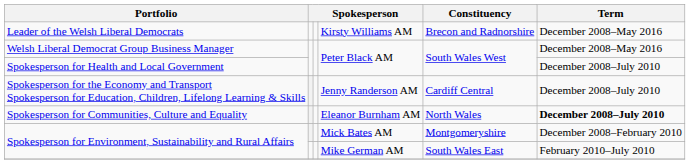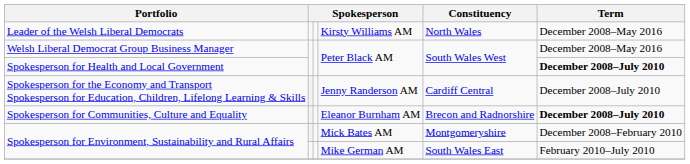 <table class="wikitable">
 <tr>
 <th colspan="1">Portfolio</th>
 <th colspan="3">Spokesperson</th>
 <th colspan="1">Constituency</th>
 <th colspan="1">Term</th>
 </tr>
 <tr>
 <td><a href='#'>Leader of the Welsh Liberal Democrats</a></td>
 <td style="background: "></td>
 <td></td>
 <td><a href='#'>Kirsty Williams</a> AM</td>
-<td><a href='#'>Brecon and Radnorshire</a></td>
+<td><a href='#'>North Wales</a></td>
 <td>December 2008–May 2016</td>
 </tr>
 <tr>
 <td><a href='#'>Welsh Liberal Democrat Group Business Manager</a></td>
 <td rowspan="2" style="background-color: "></td>
 <td rowspan="2"></td>
 <td rowspan="2"><a href='#'>Peter Black</a> AM</td>
 <td rowspan="2"><a href='#'>South Wales West</a></td>
 <td>December 2008–May 2016</td>
 </tr>
 <tr>
 <td><a href='#'>Spokesperson for Health and Local Government</a></td>
-<td>December 2008–July 2010</td>
+<td><strong>December 2008–July 2010</strong></td>
 </tr>
 <tr>
 <td><a href='#'>Spokesperson for the Economy and Transport</a><br><a href='#'>Spokesperson for Education, Children, Lifelong Learning & Skills</a></td>
 <th style="background-color: "></th>
 <td></td>
 <td><a href='#'>Jenny Randerson</a> AM</td>
 <td><a href='#'>Cardiff Central</a></td>
 <td>December 2008–July 2010</td>
 </tr>
 <tr>
 <td><a href='#'>Spokesperson for Communities, Culture and Equality</a></td>
 <th style="background-color: "></th>
 <td></td>
 <td><a href='#'>Eleanor Burnham</a> AM</td>
-<td><a href='#'>North Wales</a></td>
+<td><a href='#'>Brecon and Radnorshire</a></td>
 <td><strong>December 2008–July 2010</strong></td>
 </tr>
 <tr>
 <td rowspan="2"><a href='#'>Spokesperson for Environment, Sustainability and Rural Affairs</a></td>
 <th style="background-color: "></th>
 <td></td>
 <td><a href='#'>Mick Bates</a> AM</td>
 <td><a href='#'>Montgomeryshire</a></td>
 <td>December 2008–February 2010</td>
 </tr>
 <tr>
 <td style="background-color: "></td>
 <td></td>
 <td><a href='#'>Mike German</a> AM</td>
 <td><a href='#'>South Wales East</a></td>
 <td>February 2010–July 2010</td>
 </tr>
 <tr>
 </tr>
 </table>
